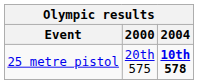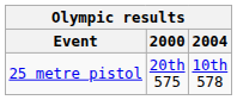 <table class="wikitable" style="text-align: center">
 <tr>
 <th colspan=3>Olympic results</th>
 </tr>
 <tr>
 <th>Event</th>
 <th>2000</th>
 <th>2004</th>
 </tr>
 <tr>
 <td align=left><a href='#'>25 metre pistol</a></td>
 <td><a href='#'>20th</a><br>575</td>
-<td><strong><a href='#'>10th</a><br>578</strong></td>
+<td><a href='#'>10th</a><br>578</td>
 </tr>
 </table>
